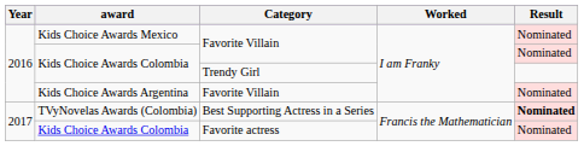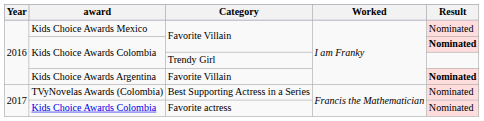 <table class="wikitable">
 <tr style="background:#96c; text-align:center;">
 <th style="text-align:center;">Year</th>
 <th>award</th>
 <th>Category</th>
 <th>Worked</th>
 <th>Result</th>
 </tr>
 <tr>
 <td rowspan=4>2016</td>
 <td>Kids Choice Awards Mexico</td>
 <td rowspan=2>Favorite Villain</td>
 <td rowspan=4><em>I am Franky</em></td>
 <td style="background: #fdd;">Nominated</td>
 </tr>
 <tr>
 <td rowspan=2>Kids Choice Awards Colombia</td>
-<td style="background: #fdd;">Nominated</td>
+<td style="background: #fdd;"><strong>Nominated</strong></td>
 </tr>
 <tr>
 <td>Trendy Girl</td>
 <td></td>
 </tr>
 <tr>
 <td>Kids Choice Awards Argentina</td>
 <td>Favorite Villain</td>
-<td style="background: #fdd;">Nominated</td>
+<td style="background: #fdd;"><strong>Nominated</strong></td>
 </tr>
 <tr>
 <td rowspan=2>2017</td>
 <td>TVyNovelas Awards (Colombia)</td>
 <td>Best Supporting Actress in a Series</td>
 <td rowspan=3><em>Francis the Mathematician</em></td>
-<td style="background: #fdd;"><strong>Nominated</strong></td>
+<td style="background: #fdd;">Nominated</td>
 </tr>
 <tr>
 <td><a href='#'>Kids Choice Awards Colombia</a></td>
 <td>Favorite actress</td>
 <td style="background: #fdd;">Nominated</td>
 </tr>
 </table>
